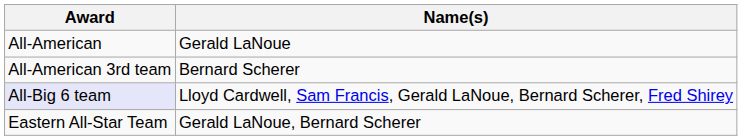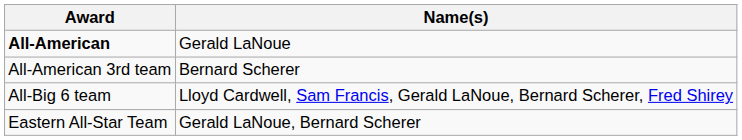 <table class="wikitable">
 <tr>
 <th>Award</th>
 <th>Name(s)</th>
 </tr>
 <tr>
-<td>All-American</td>
+<td><strong>All-American</strong></td>
 <td>Gerald LaNoue</td>
 </tr>
 <tr>
 <td>All-American 3rd team</td>
 <td>Bernard Scherer</td>
 </tr>
 <tr>
-<td style="background: lavender;">All-Big 6 team</td>
+<td>All-Big 6 team</td>
 <td>Lloyd Cardwell, <a href='#'>Sam Francis</a>, Gerald LaNoue, Bernard Scherer, <a href='#'>Fred Shirey</a></td>
 </tr>
 <tr>
 <td>Eastern All-Star Team</td>
 <td>Gerald LaNoue, Bernard Scherer</td>
 </tr>
 </table>
